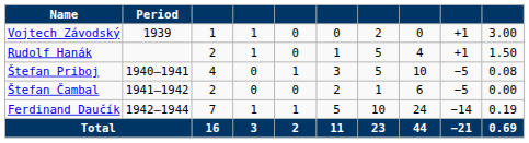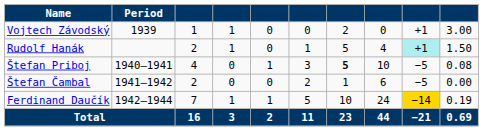 <table class="wikitable sortable" style="text-align: center; font-size:">
 <tr>
 <th style="background:#003665; color:white; ">Name</th>
 <th style="background:#003665; color:white; ">Period</th>
 <th style="width:40px; background:#003665; color:white; "></th>
 <th style="width:40px; background:#003665; color:white; "></th>
 <th style="width:40px; background:#003665; color:white; "></th>
 <th style="width:40px; background:#003665; color:white; "></th>
 <th style="width:40px; background:#003665; color:white; "></th>
 <th style="width:40px; background:#003665; color:white; "></th>
 <th style="width:40px; background:#003665; color:white; "></th>
 <th style="width:40px; background:#003665; color:white; "></th>
 </tr>
 <tr>
 <td align=left> <a href='#'>Vojtech Závodský</a></td>
 <td>1939</td>
 <td>1</td>
 <td>1</td>
 <td>0</td>
 <td>0</td>
 <td>2</td>
 <td>0</td>
 <td>+1</td>
 <td>3.00</td>
 </tr>
 <tr>
 <td align=left> <a href='#'>Rudolf Hanák</a></td>
 <td></td>
 <td>2</td>
 <td>1</td>
 <td>0</td>
 <td>1</td>
 <td>5</td>
 <td>4</td>
-<td>+1</td>
+<td style="background: paleturquoise;">+1</td>
 <td>1.50</td>
 </tr>
 <tr>
 <td align=left> <a href='#'>Štefan Priboj</a></td>
 <td>1940–1941</td>
 <td>4</td>
 <td>0</td>
 <td>1</td>
 <td>3</td>
-<td>5</td>
+<td><strong>5</strong></td>
 <td>10</td>
 <td>−5</td>
 <td>0.08</td>
 </tr>
 <tr>
 <td align=left> <a href='#'>Štefan Čambal</a></td>
 <td>1941–1942</td>
 <td>2</td>
 <td>0</td>
 <td>0</td>
 <td>2</td>
 <td>1</td>
 <td>6</td>
 <td>−5</td>
 <td>0.00</td>
 </tr>
 <tr>
 <td align=left> <a href='#'>Ferdinand Daučík</a></td>
 <td>1942–1944</td>
 <td>7</td>
 <td>1</td>
 <td>1</td>
 <td>5</td>
 <td>10</td>
 <td>24</td>
-<td>−14</td>
+<td style="background: gold;">−14</td>
 <td>0.19</td>
 </tr>
 <tr class="sortbottom">
 <td colspan="2" style="background:#003665; color:white; "><strong>Total</strong></td>
 <td style="background:#003665; color:white; "><strong>16</strong></td>
 <td style="background:#003665; color:white; "><strong>3</strong></td>
 <td style="background:#003665; color:white; "><strong>2</strong></td>
 <td style="background:#003665; color:white; "><strong>11</strong></td>
 <td style="background:#003665; color:white; "><strong>23</strong></td>
 <td style="background:#003665; color:white; "><strong>44</strong></td>
 <td style="background:#003665; color:white; "><strong>−21</strong></td>
 <td style="background:#003665; color:white; "><strong>0.69</strong></td>
 </tr>
 </table>
